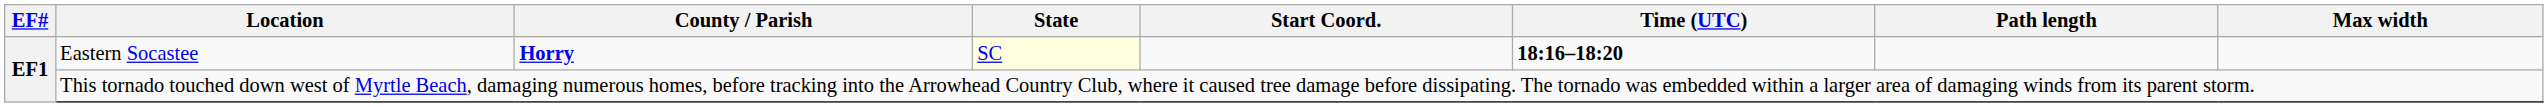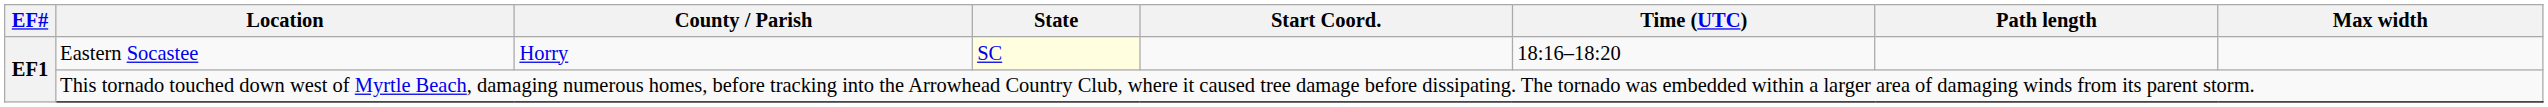 <table class="wikitable sortable" style="width:100%;">
 <tr>
 <th scope="col" width="2%" align="center"><a href='#'>EF#</a></th>
 <th scope="col" align="center" class="unsortable">Location</th>
 <th scope="col" align="center" class="unsortable">County / Parish</th>
 <th scope="col" align="center">State</th>
 <th scope="col" align="center">Start Coord.</th>
 <th scope="col" align="center">Time (<a href='#'>UTC</a>)</th>
 <th scope="col" align="center">Path length</th>
 <th scope="col" align="center">Max width</th>
 </tr>
 <tr>
 <th scope="row" rowspan="2" style="background-color:#">EF1</th>
 <td>Eastern <a href='#'>Socastee</a></td>
-<td><strong><a href='#'>Horry</a></strong></td>
+<td><a href='#'>Horry</a></td>
 <td style="background: lightyellow;"><a href='#'>SC</a></td>
 <td></td>
-<td><strong>18:16–18:20</strong></td>
+<td>18:16–18:20</td>
 <td></td>
 <td></td>
 </tr>
 <tr class="expand-child">
 <td colspan="8" style=" border-bottom: 1px solid black;">This tornado touched down west of <a href='#'>Myrtle Beach</a>, damaging numerous homes, before tracking into the Arrowhead Country Club, where it caused tree damage before dissipating. The tornado was embedded within a larger area of damaging winds from its parent storm.</td>
 </tr>
 </table>
